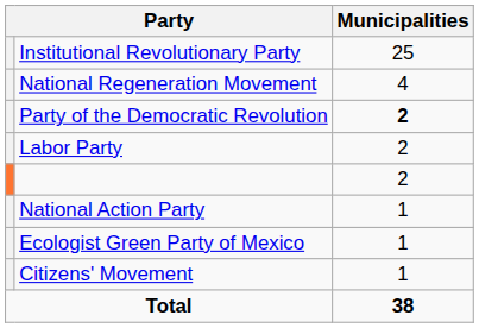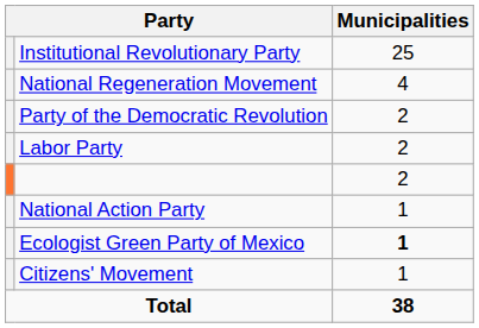 <table class="wikitable" style="text-align:center;">
 <tr>
 <th colspan="2">Party</th>
 <th>Municipalities</th>
 </tr>
 <tr>
 <th style="background-color:"></th>
 <td style="text-align:left;"><a href='#'>Institutional Revolutionary Party</a></td>
 <td>25</td>
 </tr>
 <tr>
 <th style="background-color:"></th>
 <td style="text-align:left;"><a href='#'>National Regeneration Movement</a></td>
 <td>4</td>
 </tr>
 <tr>
 <th style="background-color:"></th>
 <td style="text-align:left;"><a href='#'>Party of the Democratic Revolution</a></td>
-<td><strong>2</strong></td>
+<td>2</td>
 </tr>
 <tr>
 <th style="background-color:"></th>
 <td style="text-align:left;"><a href='#'>Labor Party</a></td>
 <td>2</td>
 </tr>
 <tr>
 <th style="background-color:#ff7430;"></th>
 <td style="text-align:left;"></td>
 <td>2</td>
 </tr>
 <tr>
 <th style="background-color:"></th>
 <td style="text-align:left;"><a href='#'>National Action Party</a></td>
 <td>1</td>
 </tr>
 <tr>
 <th style="background-color:"></th>
 <td style="text-align:left;"><a href='#'>Ecologist Green Party of Mexico</a></td>
-<td>1</td>
+<td><strong>1</strong></td>
 </tr>
 <tr>
 <th style="background-color:"></th>
 <td style="text-align:left;"><a href='#'>Citizens' Movement</a></td>
 <td>1</td>
 </tr>
 <tr>
 <td colspan="2"><strong>Total</strong></td>
 <td><strong>38</strong></td>
 </tr>
 </table>
